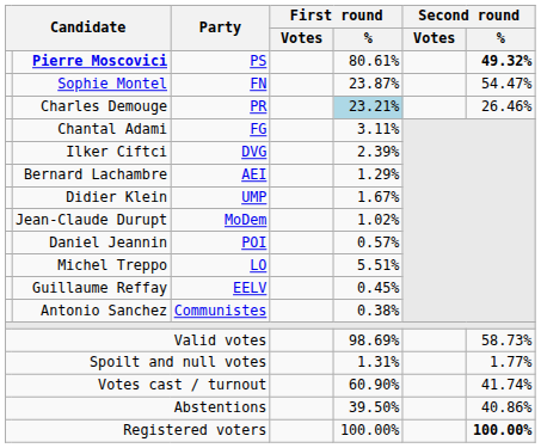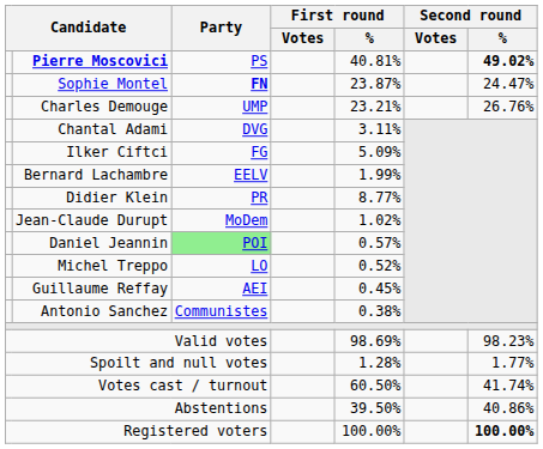 <table class="wikitable" style="text-align:right;font-size:95%;">
 <tr>
 <th rowspan=2 colspan=2>Candidate</th>
 <th rowspan=2 colspan=1>Party</th>
 <th colspan=2>First round</th>
 <th colspan=2>Second round</th>
 </tr>
 <tr>
 <th style="width:50px;">Votes</th>
 <th style="width:55px;">%</th>
 <th style="width:50px;">Votes</th>
 <th style="width:55px;">%</th>
 </tr>
 <tr>
 <td style="color:inherit;background-color:"></td>
 <td><strong><a href='#'>Pierre Moscovici</a></strong></td>
 <td><a href='#'>PS</a></td>
 <td></td>
-<td>80.61%</td>
+<td>40.81%</td>
 <td><strong></strong></td>
-<td><strong>49.32%</strong></td>
+<td><strong>49.02%</strong></td>
 </tr>
 <tr>
 <td style="color:inherit;background-color:"></td>
 <td><a href='#'>Sophie Montel</a></td>
-<td><a href='#'>FN</a></td>
+<td><strong><a href='#'>FN</a></strong></td>
 <td></td>
 <td>23.87%</td>
 <td></td>
-<td>54.47%</td>
+<td>24.47%</td>
 </tr>
 <tr>
 <td style="color:inherit;background-color:"></td>
 <td>Charles Demouge</td>
-<td><a href='#'>PR</a></td>
+<td><a href='#'>UMP</a></td>
 <td></td>
-<td style="background: lightblue;">23.21%</td>
+<td>23.21%</td>
 <td></td>
-<td>26.46%</td>
+<td>26.76%</td>
 </tr>
 <tr>
 <td style="color:inherit;background-color:"></td>
 <td>Chantal Adami</td>
-<td><a href='#'>FG</a></td>
+<td><a href='#'>DVG</a></td>
 <td></td>
 <td>3.11%</td>
 <td colspan=7 rowspan=9 style="background-color:#E9E9E9;"></td>
 </tr>
 <tr>
 <td style="color:inherit;background-color:"></td>
 <td>Ilker Ciftci</td>
-<td><a href='#'>DVG</a></td>
+<td><a href='#'>FG</a></td>
 <td></td>
-<td>2.39%</td>
+<td>5.09%</td>
 </tr>
 <tr>
 <td style="color:inherit;background-color:"></td>
 <td>Bernard Lachambre</td>
-<td><a href='#'>AEI</a></td>
+<td><a href='#'>EELV</a></td>
 <td></td>
-<td>1.29%</td>
+<td>1.99%</td>
 </tr>
 <tr>
 <td style="color:inherit;background-color:"></td>
 <td>Didier Klein</td>
-<td><a href='#'>UMP</a></td>
+<td><a href='#'>PR</a></td>
 <td></td>
-<td>1.67%</td>
+<td>8.77%</td>
 </tr>
 <tr>
 <td style="color:inherit;background-color:"></td>
 <td>Jean-Claude Durupt</td>
 <td><a href='#'>MoDem</a></td>
 <td></td>
 <td>1.02%</td>
 </tr>
 <tr>
 <td style="color:inherit;background-color:"></td>
 <td>Daniel Jeannin</td>
-<td><a href='#'>POI</a></td>
+<td style="background: lightgreen;"><a href='#'>POI</a></td>
 <td></td>
 <td>0.57%</td>
 </tr>
 <tr>
 <td style="color:inherit;background-color:"></td>
 <td>Michel Treppo</td>
 <td><a href='#'>LO</a></td>
 <td></td>
-<td>5.51%</td>
+<td>0.52%</td>
 </tr>
 <tr>
 <td style="color:inherit;background-color:"></td>
 <td>Guillaume Reffay</td>
-<td><a href='#'>EELV</a></td>
+<td><a href='#'>AEI</a></td>
 <td></td>
 <td>0.45%</td>
 </tr>
 <tr>
 <td style="color:inherit;background-color:"></td>
 <td>Antonio Sanchez</td>
 <td><a href='#'>Communistes</a></td>
 <td></td>
 <td>0.38%</td>
 </tr>
 <tr>
 <td colspan=7 style="background-color:#E9E9E9;"></td>
 </tr>
 <tr>
 <td colspan=3>Valid votes</td>
 <td></td>
 <td>98.69%</td>
 <td></td>
-<td>58.73%</td>
+<td>98.23%</td>
 </tr>
 <tr>
 <td colspan=3>Spoilt and null votes</td>
 <td></td>
-<td>1.31%</td>
+<td>1.28%</td>
 <td></td>
 <td>1.77%</td>
 </tr>
 <tr>
 <td colspan=3>Votes cast / turnout</td>
 <td></td>
-<td>60.90%</td>
+<td>60.50%</td>
 <td></td>
 <td>41.74%</td>
 </tr>
 <tr>
 <td colspan=3>Abstentions</td>
 <td></td>
 <td>39.50%</td>
 <td></td>
 <td>40.86%</td>
 </tr>
 <tr>
 <td colspan=3>Registered voters</td>
 <td></td>
 <td>100.00%</td>
 <td></td>
 <td><strong>100.00%</strong></td>
 </tr>
 </table>
